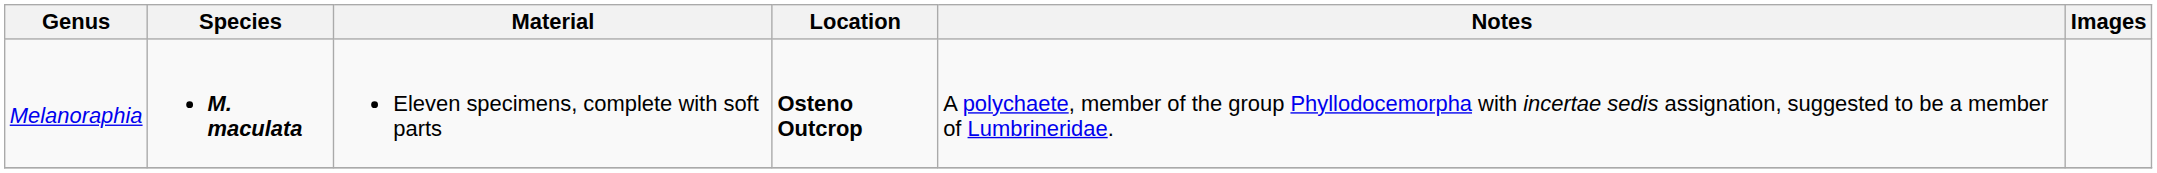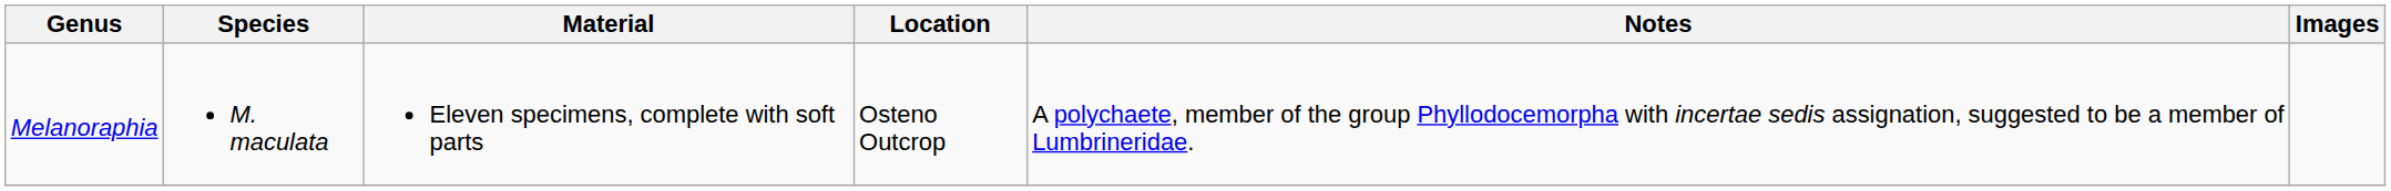 <table class="wikitable" align="center">
 <tr>
 <th>Genus</th>
 <th>Species</th>
 <th>Material</th>
 <th>Location</th>
 <th>Notes</th>
 <th>Images</th>
 </tr>
 <tr>
 <td><br><em><a href='#'>Melanoraphia</a></em></td>
-<td><strong><br><ul><li><em>M. maculata</em></li></ul></strong></td>
+<td><br><ul><li><em>M. maculata</em></li></ul></td>
 <td><br><ul><li>Eleven specimens, complete with soft parts</li></ul></td>
-<td><strong><br>Osteno Outcrop</strong></td>
+<td><br>Osteno Outcrop</td>
 <td><br>A <a href='#'>polychaete</a>, member of the group <a href='#'>Phyllodocemorpha</a> with <em>incertae sedis</em> assignation, suggested to be a member of <a href='#'>Lumbrineridae</a>.</td>
 <td><br></td>
 </tr>
 <tr>
 </tr>
 </table>
